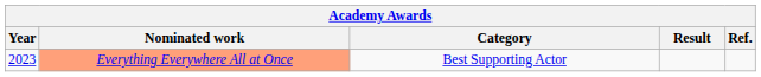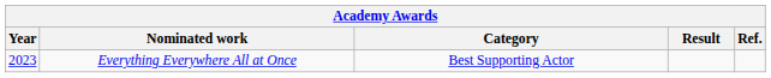 <table class="wikitable">
 <tr>
 <th colspan="5" align="center"><a href='#'>Academy Awards</a></th>
 </tr>
 <tr>
 <th scope="col" style="width:1em;">Year</th>
 <th scope="col" style="width:30em;">Nominated work</th>
 <th scope="col" style="width:30em;">Category</th>
 <th scope="col" style="width:5em;">Result</th>
 <th scope="col" style="width:1em;">Ref.</th>
 </tr>
 <tr>
 <td align="center"><a href='#'>2023</a></td>
-<td align="center" style="background: lightsalmon;"><em><a href='#'>Everything Everywhere All at Once</a></em></td>
+<td align="center"><em><a href='#'>Everything Everywhere All at Once</a></em></td>
 <td align="center"><a href='#'>Best Supporting Actor</a></td>
 <td></td>
 <td align="center"></td>
 </tr>
 </table>
